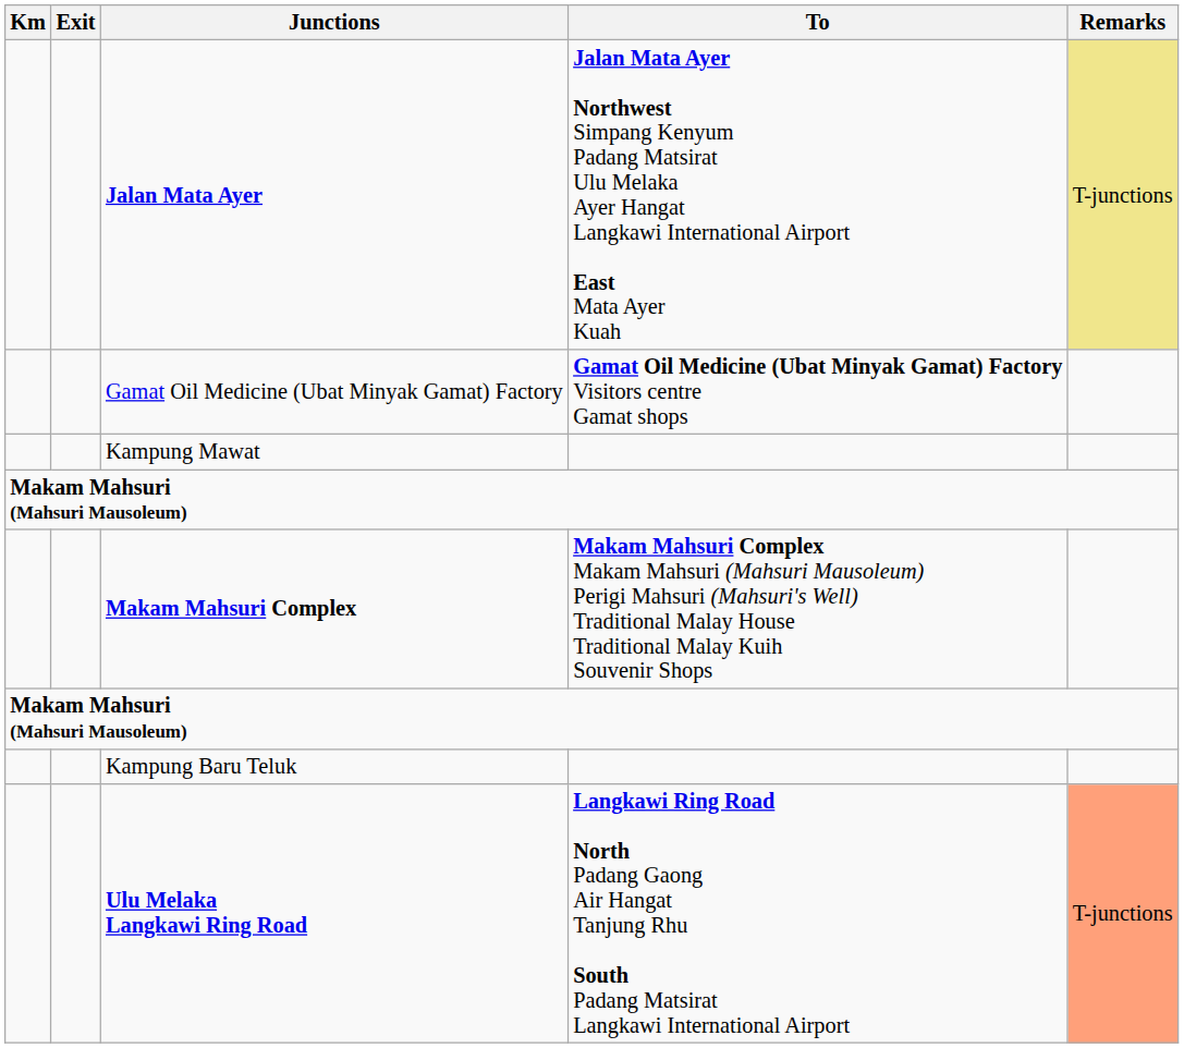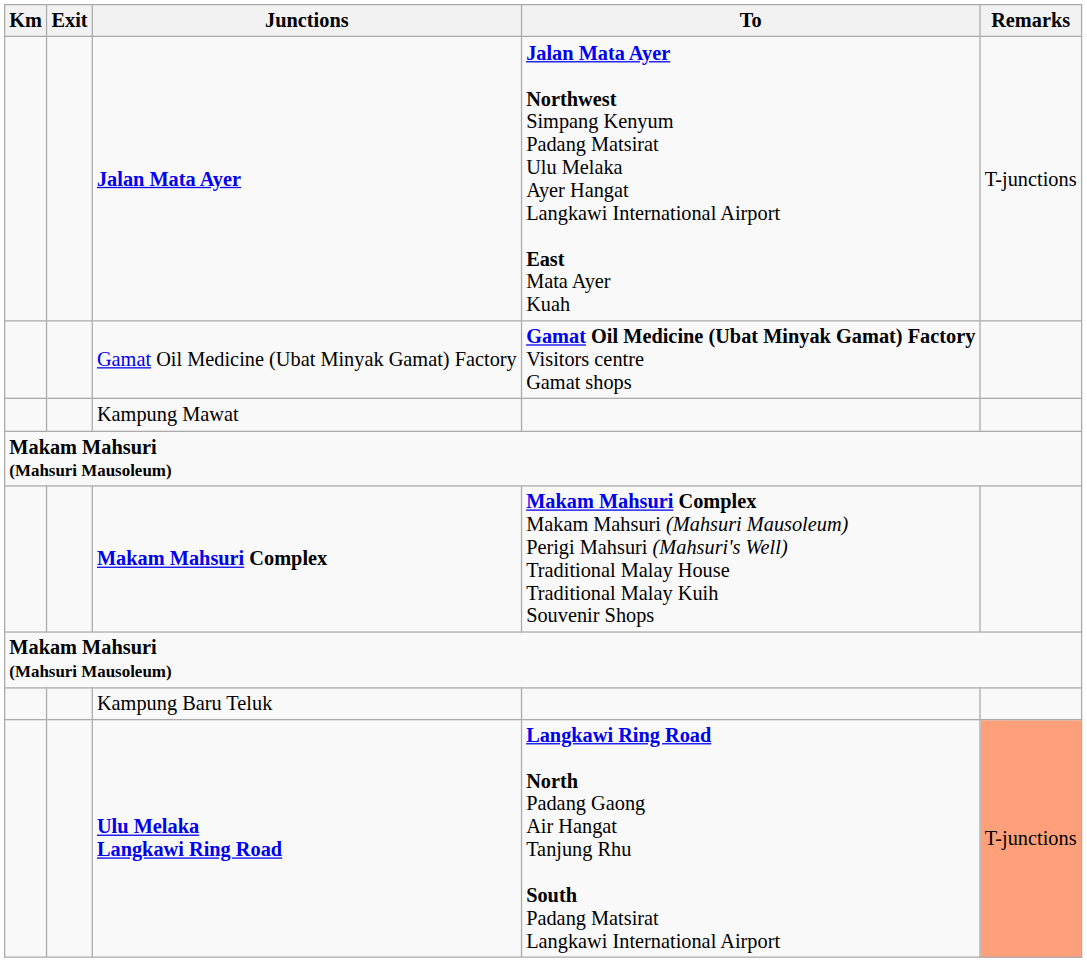 <table class="wikitable">
 <tr>
 <th>Km</th>
 <th>Exit</th>
 <th>Junctions</th>
 <th>To</th>
 <th>Remarks</th>
 </tr>
 <tr>
 <td></td>
 <td></td>
 <td> <strong><a href='#'>Jalan Mata Ayer</a></strong></td>
 <td> <strong><a href='#'>Jalan Mata Ayer</a></strong><br><br><strong>Northwest</strong><br> Simpang Kenyum<br> Padang Matsirat<br> Ulu Melaka<br> Ayer Hangat<br> Langkawi International Airport <br><br><strong>East</strong><br> Mata Ayer<br> Kuah</td>
-<td style="background: khaki;">T-junctions</td>
+<td>T-junctions</td>
 </tr>
 <tr>
 <td></td>
 <td></td>
 <td><a href='#'>Gamat</a> Oil Medicine (Ubat Minyak Gamat) Factory</td>
 <td><strong><a href='#'>Gamat</a> Oil Medicine (Ubat Minyak Gamat) Factory</strong><br>Visitors centre<br>Gamat shops<br></td>
 <td></td>
 </tr>
 <tr>
 <td></td>
 <td></td>
 <td>Kampung Mawat</td>
 <td></td>
 <td></td>
 </tr>
 <tr>
 <td style="width:600px" colspan="6" style="text-align:center; background:white;"><strong><span>Makam Mahsuri<br><small>(Mahsuri Mausoleum)</small></span></strong></td>
 </tr>
 <tr>
 <td></td>
 <td></td>
 <td><strong><a href='#'>Makam Mahsuri</a> Complex</strong></td>
 <td><strong><a href='#'>Makam Mahsuri</a> Complex</strong><br>Makam Mahsuri <em>(Mahsuri Mausoleum)</em><br>Perigi Mahsuri <em>(Mahsuri's Well)</em><br>Traditional Malay House<br>Traditional Malay Kuih<br>Souvenir Shops<br>    </td>
 <td></td>
 </tr>
 <tr>
 <td style="width:600px" colspan="6" style="text-align:center; background:white;"><strong><span>Makam Mahsuri<br><small>(Mahsuri Mausoleum)</small></span></strong></td>
 </tr>
 <tr>
 <td></td>
 <td></td>
 <td>Kampung Baru Teluk</td>
 <td></td>
 <td></td>
 </tr>
 <tr>
 <td></td>
 <td></td>
 <td><strong><a href='#'>Ulu Melaka</a></strong><br> <strong><a href='#'>Langkawi Ring Road</a></strong></td>
 <td> <strong><a href='#'>Langkawi Ring Road</a></strong><br><br><strong>North</strong><br> Padang Gaong<br> Air Hangat<br> Tanjung Rhu<br><br><strong>South</strong><br> Padang Matsirat<br> Langkawi International Airport </td>
 <td style="background: lightsalmon;">T-junctions</td>
 </tr>
 </table>
